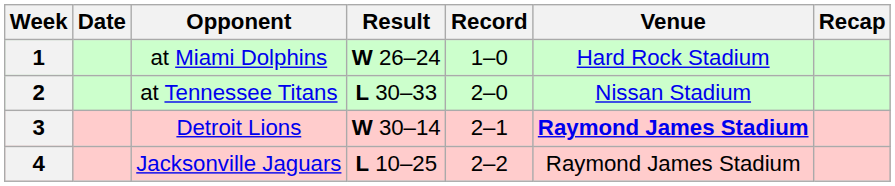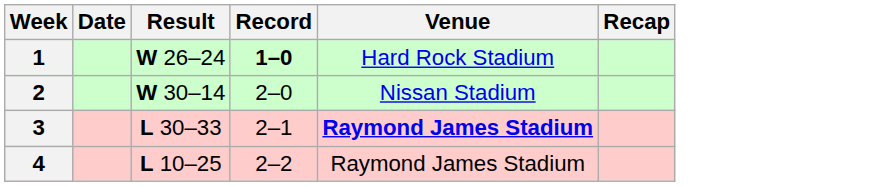 <table class="wikitable" style="text-align:center">
 <tr>
 <th>Week</th>
 <th>Date</th>
-<th>Opponent</th>
 <th>Result</th>
 <th>Record</th>
 <th>Venue</th>
 <th>Recap</th>
 </tr>
 <tr style="background:#cfc">
 <th>1</th>
 <td></td>
-<td>at <a href='#'>Miami Dolphins</a></td>
 <td><strong>W</strong> 26–24</td>
-<td>1–0</td>
+<td><strong>1–0</strong></td>
 <td><a href='#'>Hard Rock Stadium</a></td>
 <td></td>
 </tr>
 <tr style="background:#cfc">
 <th>2</th>
 <td></td>
-<td>at <a href='#'>Tennessee Titans</a></td>
-<td><strong>L</strong> 30–33</td>
+<td><strong>W</strong> 30–14</td>
 <td>2–0</td>
 <td><a href='#'>Nissan Stadium</a></td>
 <td></td>
 </tr>
 <tr style="background:#fcc">
 <th>3</th>
 <td></td>
-<td><a href='#'>Detroit Lions</a></td>
-<td><strong>W</strong> 30–14</td>
+<td><strong>L</strong> 30–33</td>
 <td>2–1</td>
 <td><strong><a href='#'>Raymond James Stadium</a></strong></td>
 <td></td>
 </tr>
 <tr style="background:#fcc">
 <th>4</th>
 <td></td>
-<td><a href='#'>Jacksonville Jaguars</a></td>
 <td><strong>L</strong> 10–25</td>
 <td>2–2</td>
 <td>Raymond James Stadium</td>
 <td></td>
 </tr>
 </table>
